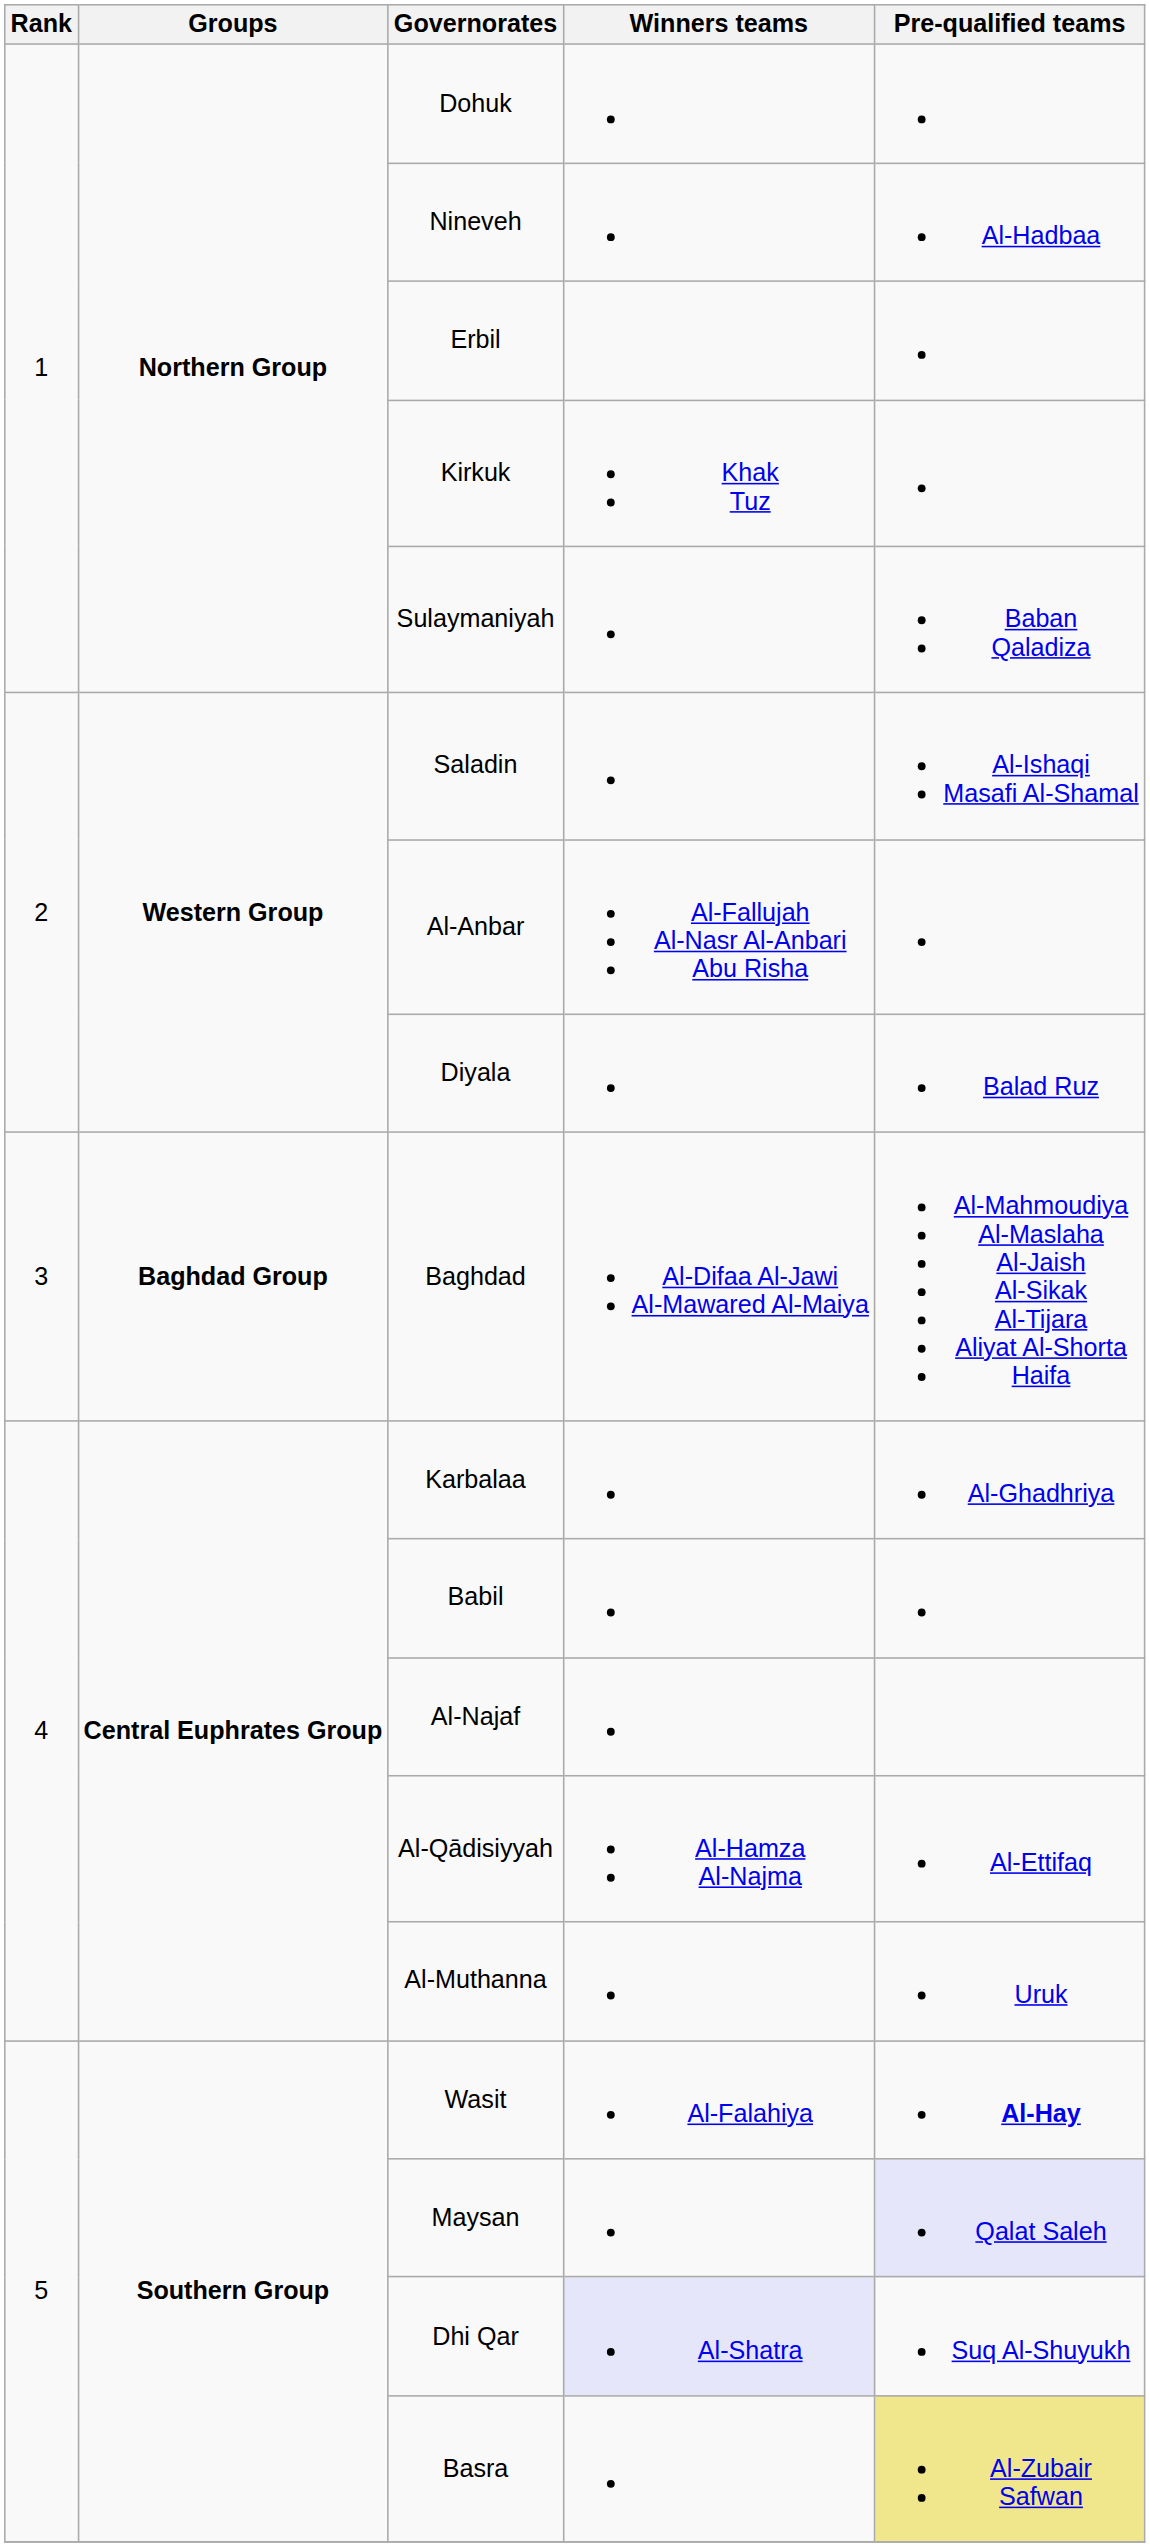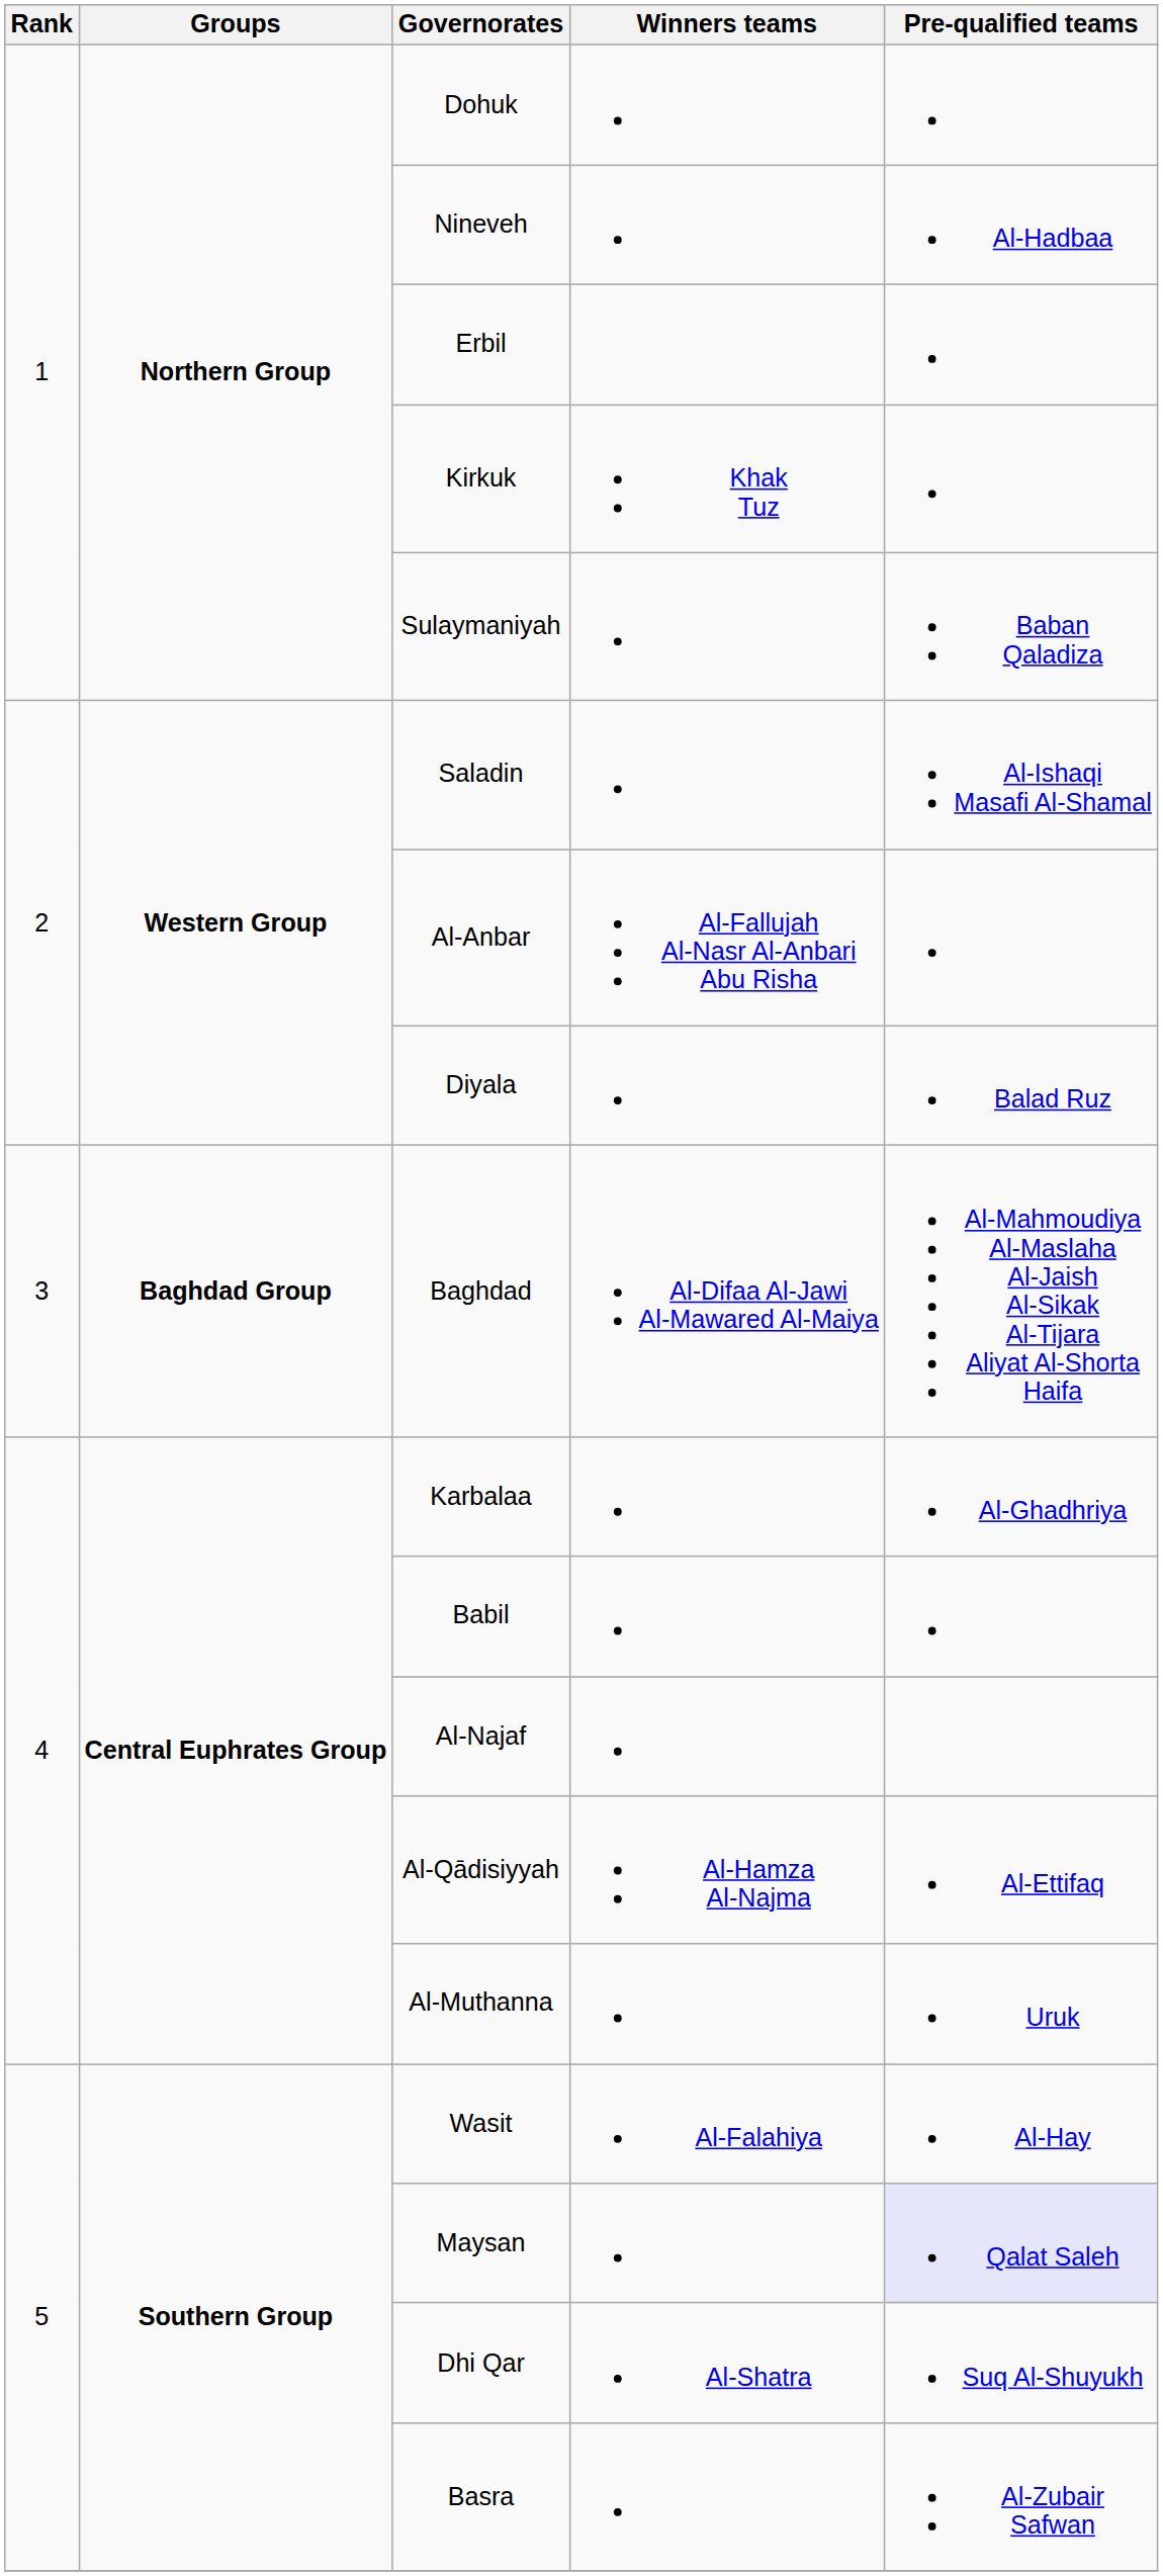 <table class="wikitable" style="text-align:center">
 <tr>
 <th>Rank</th>
 <th>Groups</th>
 <th>Governorates</th>
 <th>Winners teams</th>
 <th>Pre-qualified teams</th>
 </tr>
 <tr>
 <td rowspan=5>1</td>
 <td rowspan=5><strong>Northern Group</strong></td>
 <td>Dohuk</td>
 <td><br><ul><li></li></ul></td>
 <td><br><ul><li></li></ul></td>
 </tr>
 <tr>
 <td>Nineveh</td>
 <td><br><ul><li></li></ul></td>
 <td><br><ul><li><a href='#'>Al-Hadbaa</a></li></ul></td>
 </tr>
 <tr>
 <td>Erbil</td>
 <td></td>
 <td><br><ul><li></li></ul></td>
 </tr>
 <tr>
 <td>Kirkuk</td>
 <td><br><ul><li><a href='#'>Khak</a></li><li><a href='#'>Tuz</a></li></ul></td>
 <td><br><ul><li></li></ul></td>
 </tr>
 <tr>
 <td>Sulaymaniyah</td>
 <td><br><ul><li></li></ul></td>
 <td><br><ul><li><a href='#'>Baban</a></li><li><a href='#'>Qaladiza</a></li></ul></td>
 </tr>
 <tr>
 <td rowspan=3>2</td>
 <td rowspan=3><strong>Western Group</strong></td>
 <td>Saladin</td>
 <td><br><ul><li></li></ul></td>
 <td><br><ul><li><a href='#'>Al-Ishaqi</a></li><li><a href='#'>Masafi Al-Shamal</a></li></ul></td>
 </tr>
 <tr>
 <td>Al-Anbar</td>
 <td><br><ul><li><a href='#'>Al-Fallujah</a></li><li><a href='#'>Al-Nasr Al-Anbari</a></li><li><a href='#'>Abu Risha</a></li></ul></td>
 <td><br><ul><li></li></ul></td>
 </tr>
 <tr>
 <td>Diyala</td>
 <td><br><ul><li></li></ul></td>
 <td><br><ul><li><a href='#'>Balad Ruz</a></li></ul></td>
 </tr>
 <tr>
 <td rowspan=1>3</td>
 <td rowspan=1><strong>Baghdad Group</strong></td>
 <td>Baghdad</td>
 <td><br><ul><li><a href='#'>Al-Difaa Al-Jawi</a></li><li><a href='#'>Al-Mawared Al-Maiya</a></li></ul></td>
 <td rowspan=1><br><ul><li><a href='#'>Al-Mahmoudiya</a></li><li><a href='#'>Al-Maslaha</a></li><li><a href='#'>Al-Jaish</a></li><li><a href='#'>Al-Sikak</a></li><li><a href='#'>Al-Tijara</a></li><li><a href='#'>Aliyat Al-Shorta</a></li><li><a href='#'>Haifa</a></li></ul></td>
 </tr>
 <tr>
 <td rowspan=5>4</td>
 <td rowspan=5><strong>Central Euphrates Group</strong></td>
 <td>Karbalaa</td>
 <td><br><ul><li></li></ul></td>
 <td><br><ul><li><a href='#'>Al-Ghadhriya</a></li></ul></td>
 </tr>
 <tr>
 <td>Babil</td>
 <td><br><ul><li></li></ul></td>
 <td><br><ul><li></li></ul></td>
 </tr>
 <tr>
 <td>Al-Najaf</td>
 <td><br><ul><li></li></ul></td>
 <td></td>
 </tr>
 <tr>
 <td>Al-Qādisiyyah</td>
 <td><br><ul><li><a href='#'>Al-Hamza</a></li><li><a href='#'>Al-Najma</a></li></ul></td>
 <td><br><ul><li><a href='#'>Al-Ettifaq</a></li></ul></td>
 </tr>
 <tr>
 <td>Al-Muthanna</td>
 <td><br><ul><li></li></ul></td>
 <td><br><ul><li><a href='#'>Uruk</a></li></ul></td>
 </tr>
 <tr>
 <td rowspan=4>5</td>
 <td rowspan=4><strong>Southern Group</strong></td>
 <td>Wasit</td>
 <td><br><ul><li><a href='#'>Al-Falahiya</a></li></ul></td>
-<td><strong><br><ul><li><a href='#'>Al-Hay</a></li></ul></strong></td>
+<td><br><ul><li><a href='#'>Al-Hay</a></li></ul></td>
 </tr>
 <tr>
 <td>Maysan</td>
 <td><br><ul><li></li></ul></td>
 <td style="background: lavender;"><br><ul><li><a href='#'>Qalat Saleh</a></li></ul></td>
 </tr>
 <tr>
 <td>Dhi Qar</td>
-<td style="background: lavender;"><br><ul><li><a href='#'>Al-Shatra</a></li></ul></td>
+<td><br><ul><li><a href='#'>Al-Shatra</a></li></ul></td>
 <td><br><ul><li><a href='#'>Suq Al-Shuyukh</a></li></ul></td>
 </tr>
 <tr>
 <td>Basra</td>
 <td><br><ul><li></li></ul></td>
-<td style="background: khaki;"><br><ul><li><a href='#'>Al-Zubair</a></li><li><a href='#'>Safwan</a></li></ul></td>
+<td><br><ul><li><a href='#'>Al-Zubair</a></li><li><a href='#'>Safwan</a></li></ul></td>
 </tr>
 <tr>
 </tr>
 </table>
